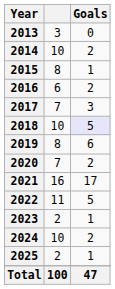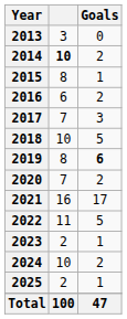 <table class="wikitable plainrowheaders sortable" style="text-align: center;">
 <tr>
 <th scope="col">Year</th>
 <th scope="col"></th>
 <th scope="col">Goals</th>
 </tr>
 <tr>
 <th scope="row" style="text-align: center;">2013</th>
 <td>3</td>
 <td>0</td>
 </tr>
 <tr>
 <th scope="row" style="text-align: center;">2014</th>
-<td>10</td>
+<td><strong>10</strong></td>
 <td>2</td>
 </tr>
 <tr>
 <th scope="row" style="text-align: center;">2015</th>
 <td>8</td>
 <td>1</td>
 </tr>
 <tr>
 <th scope="row" style="text-align: center;">2016</th>
 <td>6</td>
 <td>2</td>
 </tr>
 <tr>
 <th scope="row" style="text-align: center;">2017</th>
 <td>7</td>
 <td>3</td>
 </tr>
 <tr>
 <th scope="row" style="text-align: center;">2018</th>
 <td>10</td>
-<td style="background: lavender;">5</td>
+<td>5</td>
 </tr>
 <tr>
 <th scope="row" style="text-align: center;">2019</th>
 <td>8</td>
-<td>6</td>
+<td><strong>6</strong></td>
 </tr>
 <tr>
 <th scope="row" style="text-align: center;">2020</th>
 <td>7</td>
 <td>2</td>
 </tr>
 <tr>
 <th scope="row" style="text-align: center;">2021</th>
 <td>16</td>
 <td>17</td>
 </tr>
 <tr>
 <th scope="row" style="text-align: center;">2022</th>
 <td>11</td>
 <td>5</td>
 </tr>
 <tr>
 <th scope="row" style="text-align: center;">2023</th>
 <td>2</td>
 <td>1</td>
 </tr>
 <tr>
 <th scope="row" style="text-align: center;">2024</th>
 <td>10</td>
 <td>2</td>
 </tr>
 <tr>
 <th scope="row" style="text-align: center;">2025</th>
 <td>2</td>
 <td>1</td>
 </tr>
 <tr>
 </tr>
 <tr class="sortbottom">
 <th>Total</th>
 <th>100</th>
 <th>47</th>
 </tr>
 </table>
